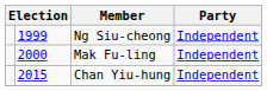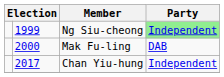 <table class="wikitable">
 <tr>
 <th colspan="2">Election</th>
 <th>Member</th>
 <th>Party</th>
 </tr>
 <tr>
 <td style="background-color:"></td>
 <td><a href='#'>1999</a></td>
 <td>Ng Siu-cheong</td>
-<td><a href='#'>Independent</a></td>
+<td style="background: lightgreen;"><a href='#'>Independent</a></td>
 </tr>
 <tr>
 <td style="background-color:"></td>
 <td><a href='#'>2000</a></td>
 <td>Mak Fu-ling</td>
-<td><a href='#'>Independent</a></td>
+<td><a href='#'>DAB</a></td>
 </tr>
 <tr>
 <td style="background-color:"></td>
-<td><a href='#'>2015</a></td>
+<td><a href='#'>2017</a></td>
 <td>Chan Yiu-hung</td>
 <td><a href='#'>Independent</a></td>
 </tr>
 <tr>
 </tr>
 </table>
